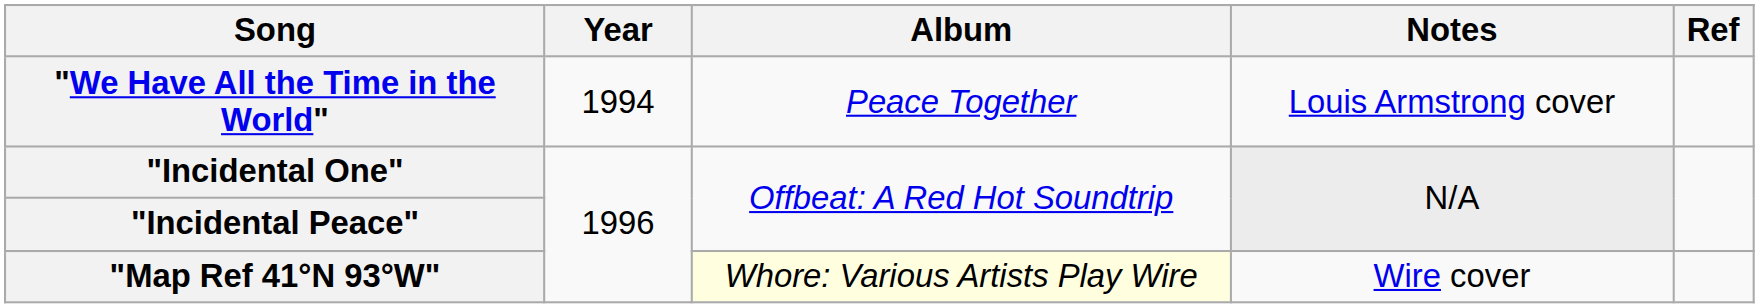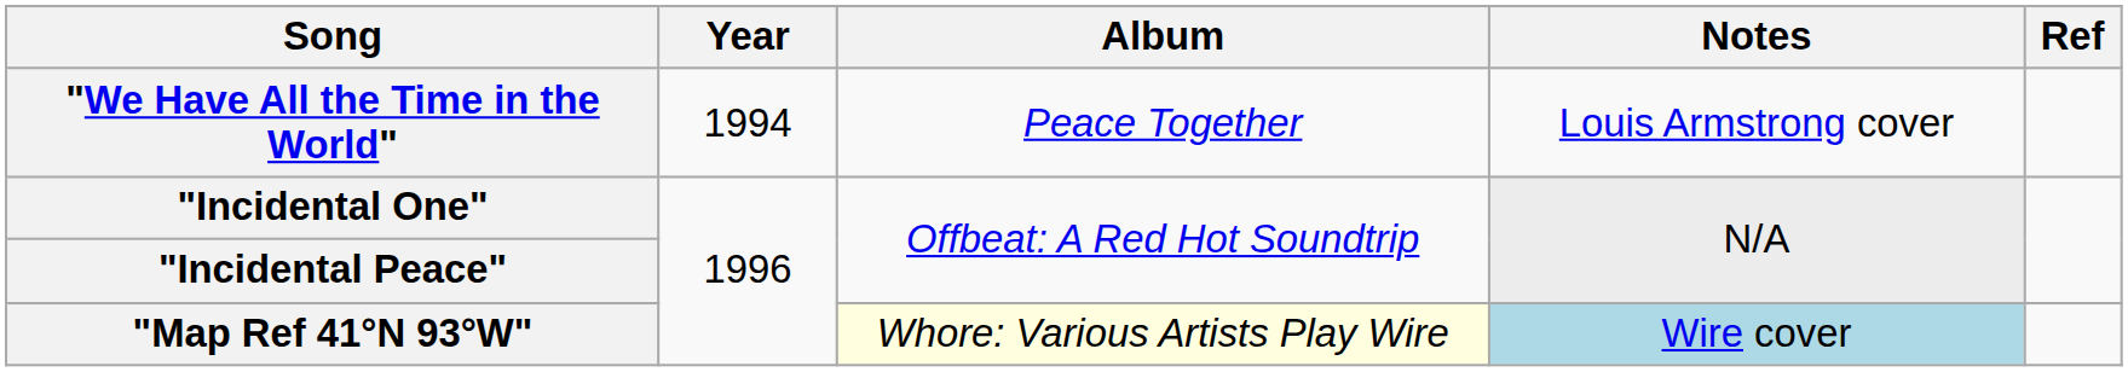 <table class="wikitable plainrowheaders" style="text-align:center">
 <tr>
 <th scope="col" style="width:16em">Song</th>
 <th scope="col" style="width:4em">Year</th>
 <th scope="col" style="width:16em">Album</th>
 <th scope="col" style="width:13em">Notes</th>
 <th scope="col" style="width:2em">Ref</th>
 </tr>
 <tr>
 <th scope="row">"<a href='#'>We Have All the Time in the World</a>"</th>
 <td>1994</td>
 <td><em><a href='#'>Peace Together</a></em></td>
 <td><a href='#'>Louis Armstrong</a> cover</td>
 <td></td>
 </tr>
 <tr>
 <th scope="row">"Incidental One" </th>
 <td rowspan="3">1996</td>
 <td rowspan="2"><em><a href='#'>Offbeat: A Red Hot Soundtrip</a></em></td>
 <td rowspan="2" style="background:#ececec"><span>N/A</span></td>
 <td rowspan="2"></td>
 </tr>
 <tr>
 <th scope="row">"Incidental Peace" </th>
 </tr>
 <tr>
 <th scope="row">"Map Ref 41°N 93°W"</th>
 <td style="background: lightyellow;"><em>Whore: Various Artists Play Wire</em></td>
-<td><a href='#'>Wire</a> cover</td>
+<td style="background: lightblue;"><a href='#'>Wire</a> cover</td>
 <td></td>
 </tr>
 </table>
